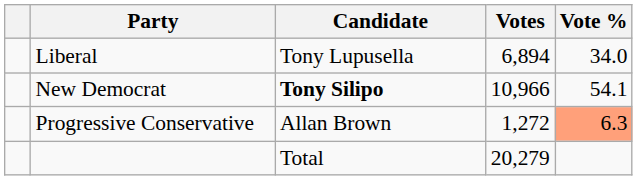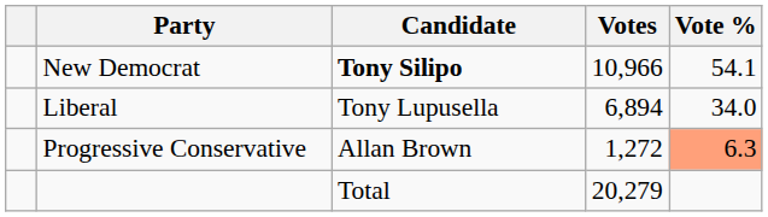 <table class="wikitable">
 <tr>
 <th></th>
 <th scope="col" width="175">Party</th>
 <th scope="col" width="150">Candidate</th>
 <th>Votes</th>
 <th>Vote %</th>
 </tr>
+<tr>
+<td>   </td>
+<td>New Democrat</td>
+<td><strong>Tony Silipo</strong></td>
+<td align=right>10,966</td>
+<td align=right>54.1</td>
+</tr>
 <tr |>
 <td>   </td>
 <td>Liberal</td>
 <td>Tony Lupusella</td>
 <td align=right>6,894</td>
 <td align=right>34.0</td>
-</tr>
-<tr>
-<td>   </td>
-<td>New Democrat</td>
-<td><strong>Tony Silipo</strong></td>
-<td align=right>10,966</td>
-<td align=right>54.1</td>
 </tr>
 <tr |>
 <td>   </td>
 <td>Progressive Conservative</td>
 <td>Allan Brown</td>
 <td align=right>1,272</td>
 <td align=right style="background: lightsalmon;">6.3<br> </td>
 </tr>
 <tr>
 <td></td>
 <td></td>
 <td>Total</td>
 <td align=right>20,279</td>
 <td></td>
 </tr>
 </table>
